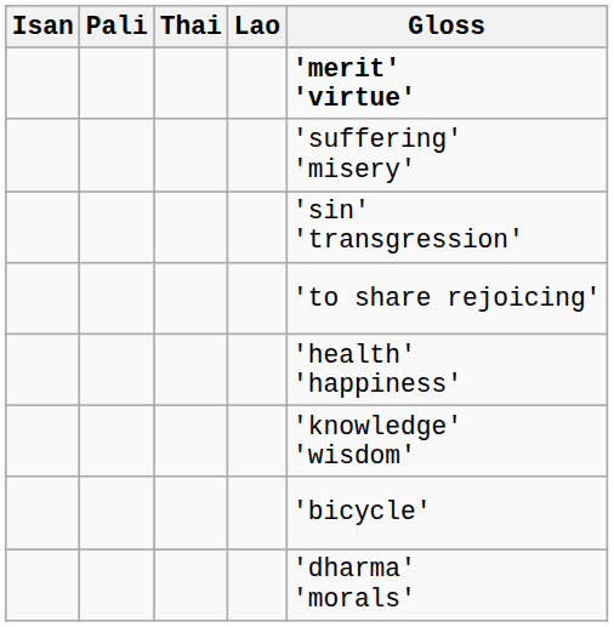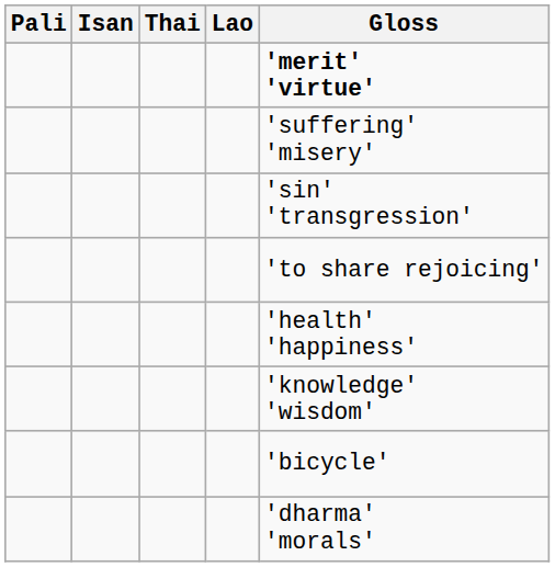 <table class="wikitable">
 <tr>
+<th>Pali</th>
 <th>Isan</th>
-<th>Pali</th>
 <th>Thai</th>
 <th>Lao</th>
 <th>Gloss</th>
 </tr>
 <tr>
 <td><br><br></td>
 <td><br><br></td>
 <td><br><br></td>
 <td><br><br></td>
 <td><strong>'merit'<br>'virtue'</strong></td>
 </tr>
 <tr>
 <td><br><br></td>
 <td><br><br></td>
 <td><br><br></td>
 <td><br><br></td>
 <td>'suffering'<br>'misery'</td>
 </tr>
 <tr>
 <td><br><br></td>
 <td><br><br></td>
 <td><br><br></td>
 <td><br><br></td>
 <td>'sin'<br>'transgression'</td>
 </tr>
 <tr>
 <td><br><br></td>
 <td><br><br></td>
 <td><br><br></td>
 <td><br><br></td>
 <td>'to share rejoicing'</td>
 </tr>
 <tr>
 <td><br><br></td>
 <td><br><br></td>
 <td><br><br></td>
 <td><br><br></td>
 <td>'health'<br>'happiness'</td>
 </tr>
 <tr>
 <td><br><br></td>
 <td><br><br></td>
 <td><br><br></td>
 <td><br><br></td>
 <td>'knowledge'<br>'wisdom'</td>
 </tr>
 <tr>
 <td><br><br></td>
 <td><br><br></td>
 <td><br><br></td>
 <td><br><br></td>
 <td>'bicycle'</td>
 </tr>
 <tr>
 <td><br><br></td>
 <td><br><br></td>
 <td><br><br></td>
 <td><br><br></td>
 <td>'dharma'<br>'morals'</td>
 </tr>
 </table>
